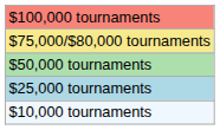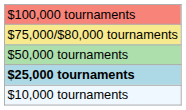 <table class="wikitable" style="font-size:85%">
 <tr style="background:#f88379;">
 <td>$100,000 tournaments</td>
 </tr>
 <tr style="background:#f7e98e;">
 <td>$75,000/$80,000 tournaments</td>
 </tr>
 <tr style="background:#addfad;">
 <td>$50,000 tournaments</td>
 </tr>
 <tr style="background:lightblue;">
-<td>$25,000 tournaments</td>
+<td><strong>$25,000 tournaments</strong></td>
 </tr>
 <tr style="background:#f0f8ff;">
 <td>$10,000 tournaments</td>
 </tr>
 </table>
